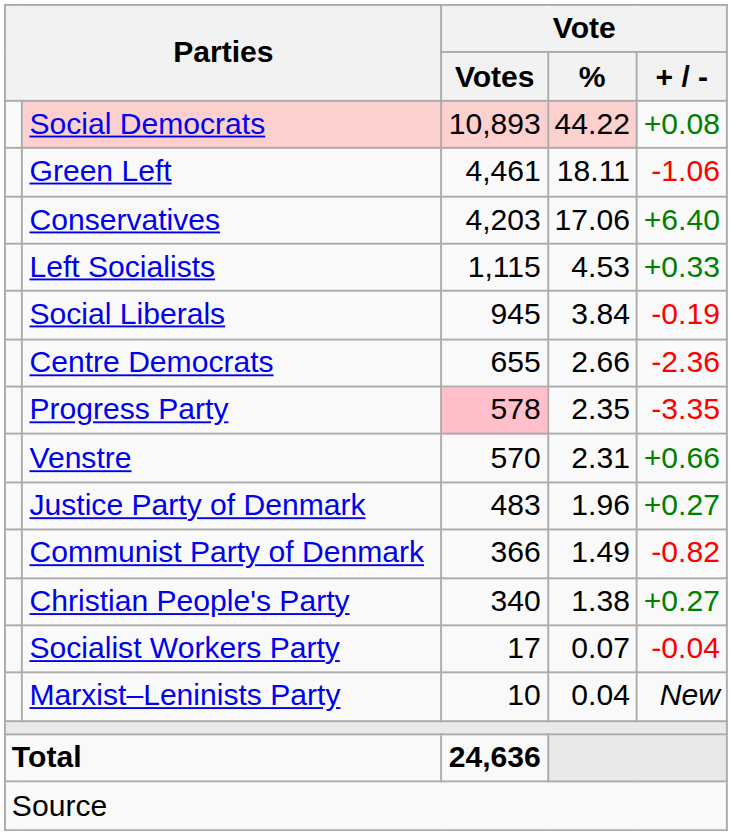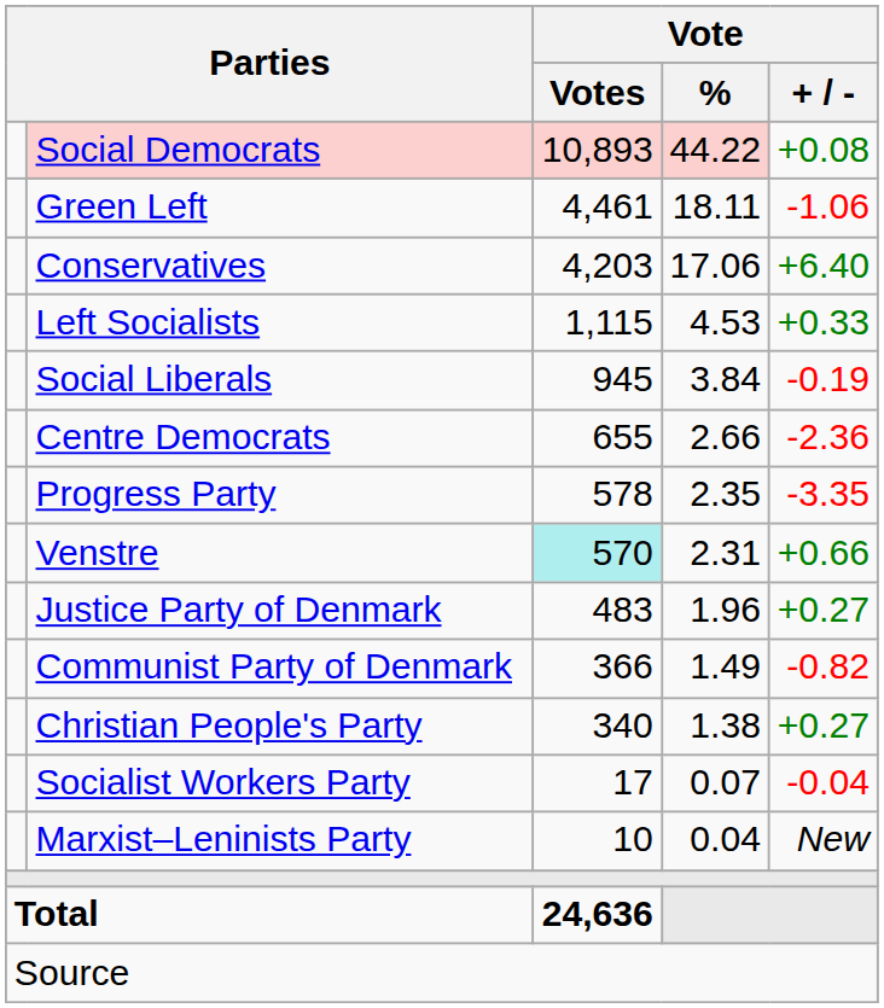 <table class="wikitable" style="text-align:right;">
 <tr>
 <th style="text-align:centre;" rowspan="2" colspan="2" width="225">Parties</th>
 <th colspan="3">Vote</th>
 </tr>
 <tr>
 <th width="15">Votes</th>
 <th width="15">%</th>
 <th width="15">+ / -</th>
 </tr>
 <tr>
 <td width="2" style="color:inherit;background:"></td>
 <td bgcolor=#fbd0ce  align="left"><a href='#'>Social Democrats</a></td>
 <td bgcolor=#fbd0ce>10,893</td>
 <td bgcolor=#fbd0ce>44.22</td>
 <td style=color:green;>+0.08</td>
 </tr>
 <tr>
 <td width="2" style="color:inherit;background:"></td>
 <td align="left"><a href='#'>Green Left</a></td>
 <td>4,461</td>
 <td>18.11</td>
 <td style=color:red;>-1.06</td>
 </tr>
 <tr>
 <td width="2" style="color:inherit;background:"></td>
 <td align="left"><a href='#'>Conservatives</a></td>
 <td>4,203</td>
 <td>17.06</td>
 <td style=color:green;>+6.40</td>
 </tr>
 <tr>
 <td width="2" style="color:inherit;background:"></td>
 <td align="left"><a href='#'>Left Socialists</a></td>
 <td>1,115</td>
 <td>4.53</td>
 <td style=color:green;>+0.33</td>
 </tr>
 <tr>
 <td width="2" style="color:inherit;background:"></td>
 <td align="left"><a href='#'>Social Liberals</a></td>
 <td>945</td>
 <td>3.84</td>
 <td style=color:red;>-0.19</td>
 </tr>
 <tr>
 <td width="2" style="color:inherit;background:"></td>
 <td align="left"><a href='#'>Centre Democrats</a></td>
 <td>655</td>
 <td>2.66</td>
 <td style=color:red;>-2.36</td>
 </tr>
 <tr>
 <td width="2" style="color:inherit;background:"></td>
 <td align="left"><a href='#'>Progress Party</a></td>
-<td style="background: pink;">578</td>
+<td>578</td>
 <td>2.35</td>
 <td style=color:red;>-3.35</td>
 </tr>
 <tr>
 <td width="2" style="color:inherit;background:"></td>
 <td align="left"><a href='#'>Venstre</a></td>
-<td>570</td>
+<td style="background: paleturquoise;">570</td>
 <td>2.31</td>
 <td style=color:green;>+0.66</td>
 </tr>
 <tr>
 <td width="2" style="color:inherit;background:"></td>
 <td align="left"><a href='#'>Justice Party of Denmark</a></td>
 <td>483</td>
 <td>1.96</td>
 <td style=color:green;>+0.27</td>
 </tr>
 <tr>
 <td width="2" style="color:inherit;background:"></td>
 <td align="left"><a href='#'>Communist Party of Denmark</a></td>
 <td>366</td>
 <td>1.49</td>
 <td style=color:red;>-0.82</td>
 </tr>
 <tr>
 <td width="2" style="color:inherit;background:"></td>
 <td align="left"><a href='#'>Christian People's Party</a></td>
 <td>340</td>
 <td>1.38</td>
 <td style=color:green;>+0.27</td>
 </tr>
 <tr>
 <td width="2" style="color:inherit;background:"></td>
 <td align="left"><a href='#'>Socialist Workers Party</a></td>
 <td>17</td>
 <td>0.07</td>
 <td style=color:red;>-0.04</td>
 </tr>
 <tr>
 <td width="2" style="color:inherit;background:"></td>
 <td align="left"><a href='#'>Marxist–Leninists Party</a></td>
 <td>10</td>
 <td>0.04</td>
 <td><em>New</em></td>
 </tr>
 <tr>
 <td colspan="7" bgcolor="#E9E9E9"></td>
 </tr>
 <tr>
 <td align="left" colspan="2"><strong>Total</strong></td>
 <td><strong>24,636</strong></td>
 <td bgcolor="#E9E9E9" colspan="2"></td>
 </tr>
 <tr>
 <td align="left" colspan="6">Source</td>
 </tr>
 </table>
